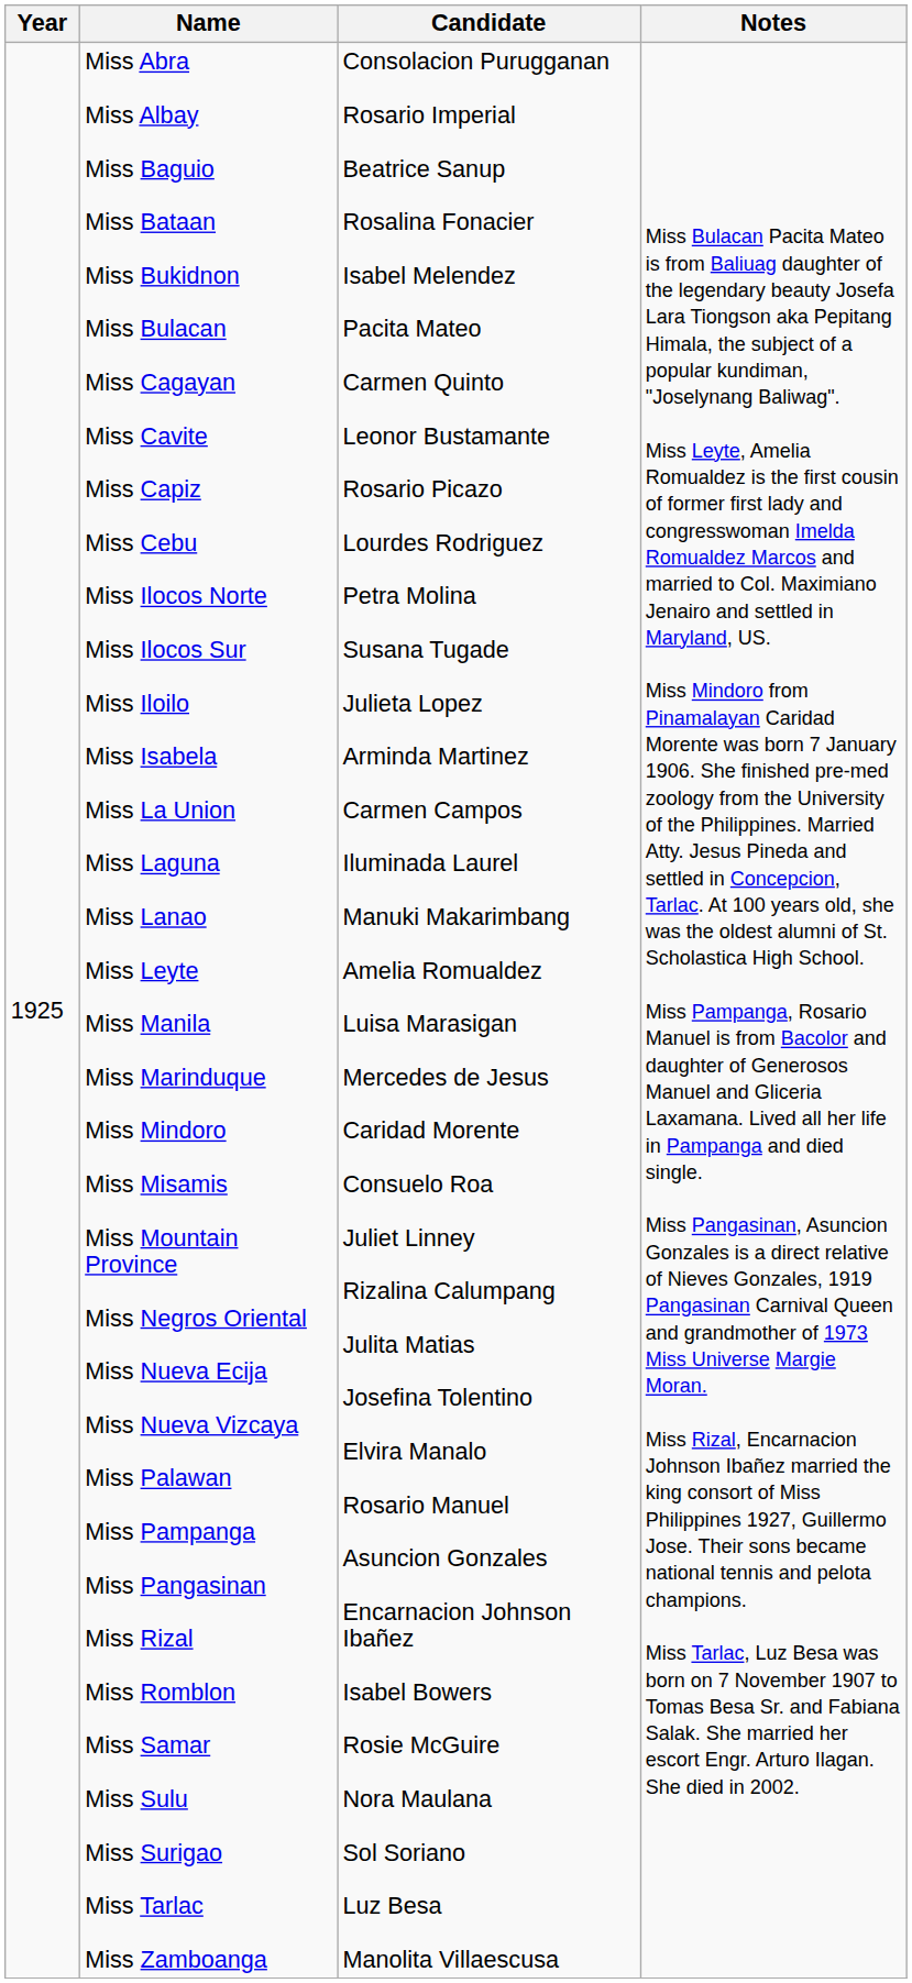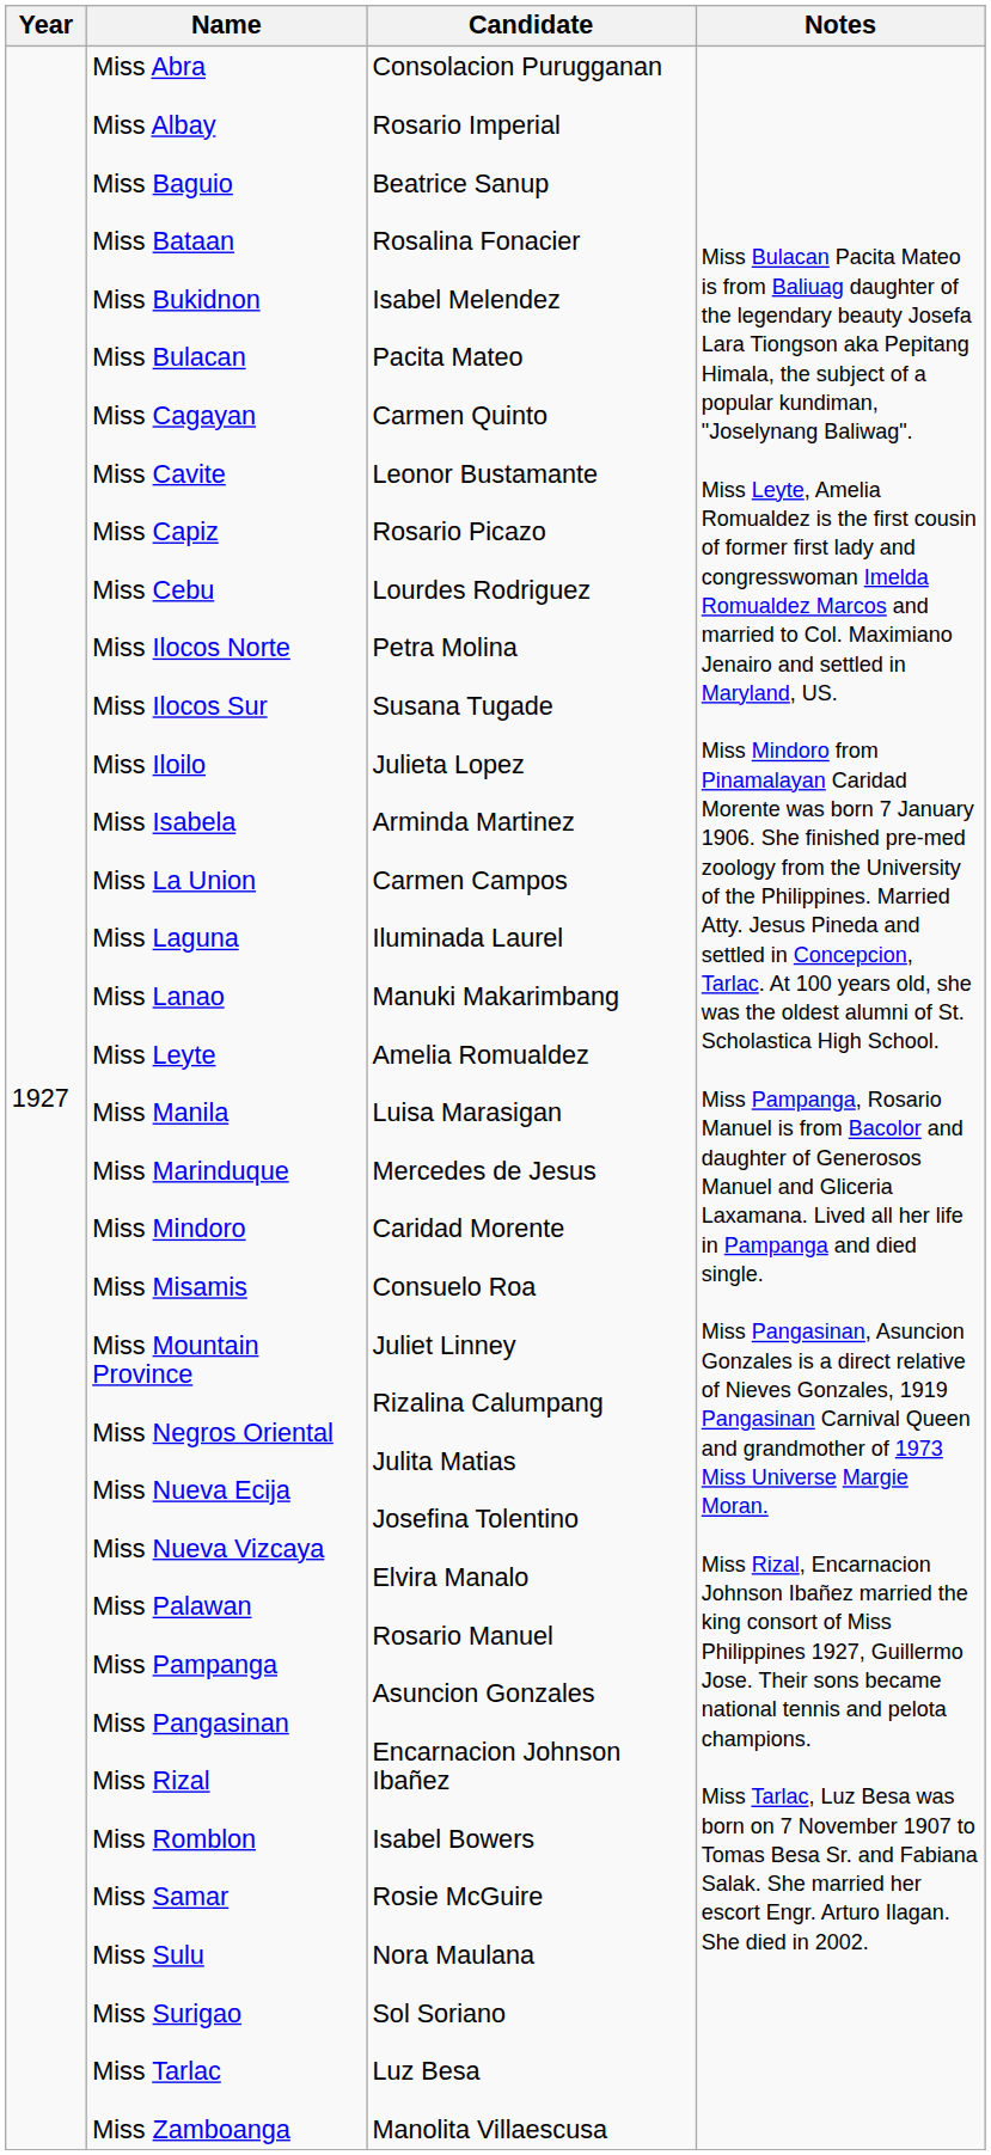 <table class="wikitable">
 <tr>
 <th width="50">Year</th>
 <th width="250">Name</th>
 <th width="300">Candidate</th>
 <th width="250">Notes</th>
 </tr>
 <tr>
-<td>1925</td>
+<td>1927</td>
 <td>Miss <a href='#'>Abra</a> <br><br> Miss <a href='#'>Albay</a> <br><br> Miss <a href='#'>Baguio</a> <br><br> Miss <a href='#'>Bataan</a> <br><br> Miss <a href='#'>Bukidnon</a> <br><br> Miss <a href='#'>Bulacan</a> <br><br> Miss <a href='#'>Cagayan</a> <br><br> Miss <a href='#'>Cavite</a> <br><br> Miss <a href='#'>Capiz</a> <br><br> Miss <a href='#'>Cebu</a> <br><br> Miss <a href='#'>Ilocos Norte</a> <br><br> Miss <a href='#'>Ilocos Sur</a> <br><br> Miss <a href='#'>Iloilo</a> <br><br> Miss <a href='#'>Isabela</a> <br><br> Miss <a href='#'>La Union</a> <br><br> Miss <a href='#'>Laguna</a> <br><br> Miss <a href='#'>Lanao</a> <br><br> Miss <a href='#'>Leyte</a> <br><br> Miss <a href='#'>Manila</a> <br><br> Miss <a href='#'>Marinduque</a> <br><br> Miss <a href='#'>Mindoro</a> <br><br> Miss <a href='#'>Misamis</a> <br><br> Miss <a href='#'>Mountain Province</a> <br><br> Miss <a href='#'>Negros Oriental</a> <br><br> Miss <a href='#'>Nueva Ecija</a> <br><br> Miss <a href='#'>Nueva Vizcaya</a> <br><br> Miss <a href='#'>Palawan</a> <br><br> Miss <a href='#'>Pampanga</a> <br><br> Miss <a href='#'>Pangasinan</a> <br><br> Miss <a href='#'>Rizal</a> <br><br> Miss <a href='#'>Romblon</a> <br><br> Miss <a href='#'>Samar</a> <br><br> Miss <a href='#'>Sulu</a> <br><br> Miss <a href='#'>Surigao</a> <br><br> Miss <a href='#'>Tarlac</a> <br><br> Miss <a href='#'>Zamboanga</a></td>
 <td>Consolacion Purugganan <br><br> Rosario Imperial <br><br> Beatrice Sanup <br><br> Rosalina Fonacier <br><br> Isabel Melendez <br><br> Pacita Mateo <br><br> Carmen Quinto <br><br> Leonor Bustamante <br><br> Rosario Picazo <br><br> Lourdes Rodriguez <br><br> Petra Molina <br><br> Susana Tugade <br><br> Julieta Lopez <br><br> Arminda Martinez <br><br> Carmen Campos <br><br> Iluminada Laurel <br><br> Manuki Makarimbang <br><br> Amelia Romualdez <br><br> Luisa Marasigan <br><br> Mercedes de Jesus <br><br> Caridad Morente <br><br> Consuelo Roa <br><br> Juliet Linney <br><br> Rizalina Calumpang <br><br> Julita Matias <br><br> Josefina Tolentino <br><br> Elvira Manalo <br><br> Rosario Manuel <br><br> Asuncion Gonzales <br><br> Encarnacion Johnson Ibañez <br><br>Isabel Bowers <br><br> Rosie McGuire <br><br> Nora Maulana <br><br> Sol Soriano  <br><br> Luz Besa <br><br> Manolita Villaescusa</td>
 <td><small>Miss <a href='#'>Bulacan</a> Pacita Mateo is from <a href='#'>Baliuag</a> daughter of the legendary beauty Josefa Lara Tiongson aka Pepitang Himala, the subject of a popular kundiman, "Joselynang Baliwag".</small> <br><br><small> Miss <a href='#'>Leyte</a>, Amelia Romualdez is the first cousin of former first lady and congresswoman <a href='#'>Imelda Romualdez Marcos</a> and married to Col. Maximiano Jenairo and settled in <a href='#'>Maryland</a>, US. <br><br> Miss <a href='#'>Mindoro</a> from <a href='#'>Pinamalayan</a> Caridad Morente was born 7 January 1906. She finished pre-med zoology from the University of the Philippines. Married Atty. Jesus Pineda and settled in <a href='#'>Concepcion</a>, <a href='#'>Tarlac</a>. At 100 years old, she was the oldest alumni of St. Scholastica High School. <br><br> Miss <a href='#'>Pampanga</a>, Rosario Manuel is from <a href='#'>Bacolor</a> and daughter of Generosos Manuel and Gliceria Laxamana. Lived all her life in <a href='#'>Pampanga</a> and died single. <br><br> Miss <a href='#'>Pangasinan</a>, Asuncion Gonzales is a direct relative of Nieves Gonzales, 1919 <a href='#'>Pangasinan</a> Carnival Queen and grandmother of <a href='#'>1973 Miss Universe</a> <a href='#'>Margie Moran.</a> <br><br> Miss <a href='#'>Rizal</a>, Encarnacion Johnson Ibañez married the king consort of Miss Philippines 1927, Guillermo Jose. Their sons became national tennis and pelota champions. <br><br> Miss <a href='#'>Tarlac</a>, Luz Besa was born on 7 November 1907 to Tomas Besa Sr. and Fabiana Salak. She married her escort Engr. Arturo Ilagan. She died in 2002.</small></td>
 </tr>
 <tr>
 </tr>
 </table>
